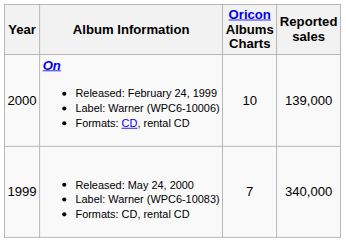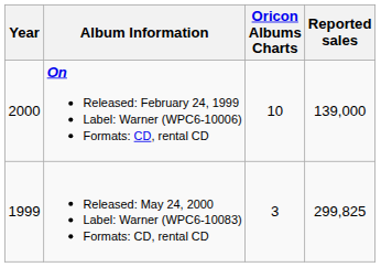 <table class="wikitable">
 <tr>
 <th rowspan="1">Year</th>
 <th rowspan="1">Album Information</th>
 <th colspan="1"><a href='#'>Oricon</a><br>Albums<br>Charts<br></th>
 <th colspan="1">Reported<br>sales<br></th>
 </tr>
 <tr>
 <td align="center">2000</td>
 <td><strong><em><a href='#'>On</a></em></strong><br><ul><li><small>Released: February 24, 1999</small></li><li><small>Label: Warner (WPC6-10006)</small></li><li><small>Formats: <a href='#'>CD</a>, rental CD</small></li></ul></td>
 <td align="center">10</td>
 <td align="center">139,000</td>
 </tr>
 <tr>
 <td align="center">1999</td>
 <td><br><ul><li><small>Released: May 24, 2000</small></li><li><small>Label: Warner (WPC6-10083)</small></li><li><small>Formats: CD, rental CD</small></li></ul></td>
-<td align="center">7</td>
-<td align="center">340,000</td>
+<td align="center">3</td>
+<td align="center">299,825</td>
 </tr>
 </table>
